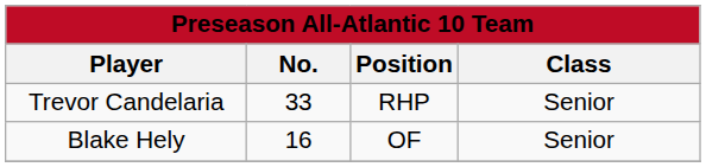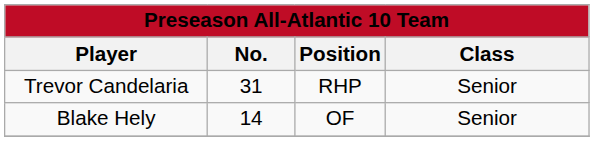 <table class="wikitable" style="text-align:center">
 <tr>
 <td colspan="5" style= "background: #BF0C26; color:#000000"><strong>Preseason All-Atlantic 10 Team</strong></td>
 </tr>
 <tr>
 <th style="width:150px; ">Player</th>
 <th style="width:60px; ">No.</th>
 <th style="width:60px; ">Position</th>
 <th style="width:150px; ">Class</th>
 </tr>
 <tr>
 <td>Trevor Candelaria</td>
-<td>33</td>
+<td>31</td>
 <td>RHP</td>
 <td>Senior</td>
 </tr>
 <tr>
 <td>Blake Hely</td>
-<td>16</td>
+<td>14</td>
 <td>OF</td>
 <td>Senior</td>
 </tr>
 <tr>
 </tr>
 </table>
